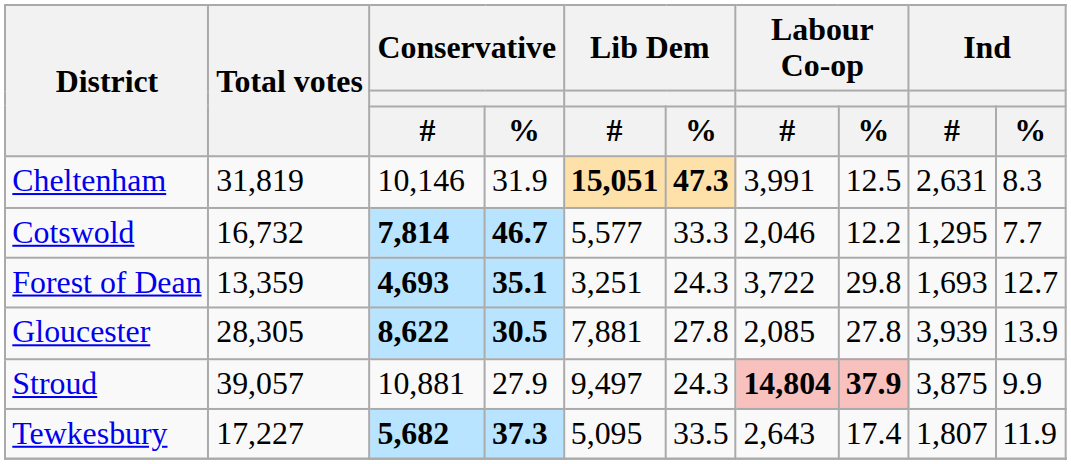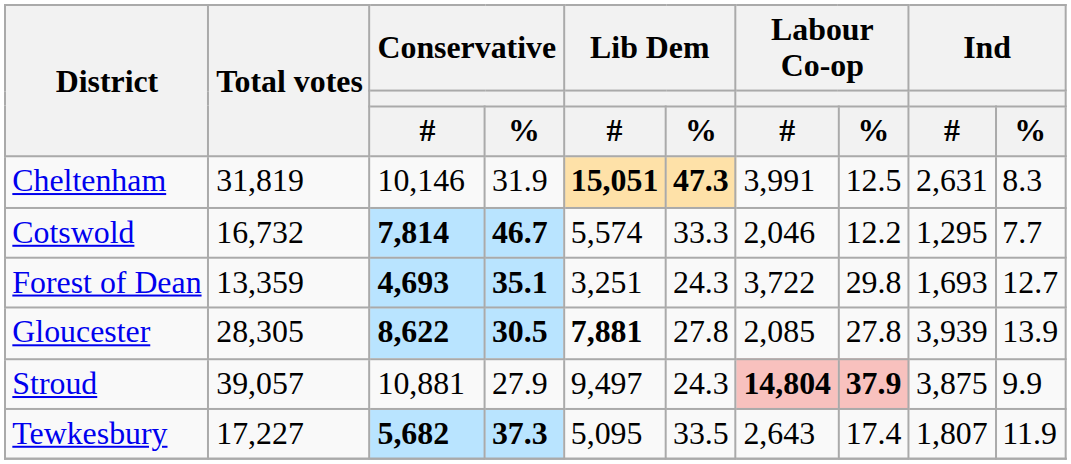 <table class="wikitable sortable">
 <tr>
 <th rowspan=3>District</th>
 <th rowspan=3>Total votes</th>
 <th colspan="2">Conservative</th>
 <th colspan="2">Lib Dem</th>
 <th colspan="2">Labour<br>Co-op</th>
 <th colspan="2">Ind</th>
 </tr>
 <tr>
 <th colspan="2" style="background:"></th>
 <th colspan="2" style="background:"></th>
 <th colspan="2" style="background:"></th>
 <th colspan="2" style="background:"></th>
 </tr>
 <tr>
 <th>#</th>
 <th>%</th>
 <th>#</th>
 <th>%</th>
 <th>#</th>
 <th>%</th>
 <th>#</th>
 <th>%</th>
 </tr>
 <tr>
 <td><a href='#'>Cheltenham</a></td>
 <td>31,819</td>
 <td>10,146</td>
 <td>31.9</td>
 <td style="background:#FEE1A8;"><strong>15,051</strong></td>
 <td style="background:#FEE1A8;"><strong>47.3</strong></td>
 <td>3,991</td>
 <td>12.5</td>
 <td>2,631</td>
 <td>8.3</td>
 </tr>
 <tr>
 <td><a href='#'>Cotswold</a></td>
 <td>16,732</td>
 <td style="background:#B9E4FF;"><strong>7,814</strong></td>
 <td style="background:#B9E4FF;"><strong>46.7</strong></td>
-<td>5,577</td>
+<td>5,574</td>
 <td>33.3</td>
 <td>2,046</td>
 <td>12.2</td>
 <td>1,295</td>
 <td>7.7</td>
 </tr>
 <tr>
 <td><a href='#'>Forest of Dean</a></td>
 <td>13,359</td>
 <td style="background:#B9E4FF;"><strong>4,693</strong></td>
 <td style="background:#B9E4FF;"><strong>35.1</strong></td>
 <td>3,251</td>
 <td>24.3</td>
 <td>3,722</td>
 <td>29.8</td>
 <td>1,693</td>
 <td>12.7</td>
 </tr>
 <tr>
 <td><a href='#'>Gloucester</a></td>
 <td>28,305</td>
 <td style="background:#B9E4FF;"><strong>8,622</strong></td>
 <td style="background:#B9E4FF;"><strong>30.5</strong></td>
-<td>7,881</td>
+<td><strong>7,881</strong></td>
 <td>27.8</td>
 <td>2,085</td>
 <td>27.8</td>
 <td>3,939</td>
 <td>13.9</td>
 </tr>
 <tr>
 <td><a href='#'>Stroud</a></td>
 <td>39,057</td>
 <td>10,881</td>
 <td>27.9</td>
 <td>9,497</td>
 <td>24.3</td>
 <td style="background:#F8C1BE;"><strong>14,804</strong></td>
 <td style="background:#F8C1BE;"><strong>37.9</strong></td>
 <td>3,875</td>
 <td>9.9</td>
 </tr>
 <tr>
 <td><a href='#'>Tewkesbury</a></td>
 <td>17,227</td>
 <td style="background:#B9E4FF;"><strong>5,682</strong></td>
 <td style="background:#B9E4FF;"><strong>37.3</strong></td>
 <td>5,095</td>
 <td>33.5</td>
 <td>2,643</td>
 <td>17.4</td>
 <td>1,807</td>
 <td>11.9</td>
 </tr>
 <tr>
 </tr>
 </table>
